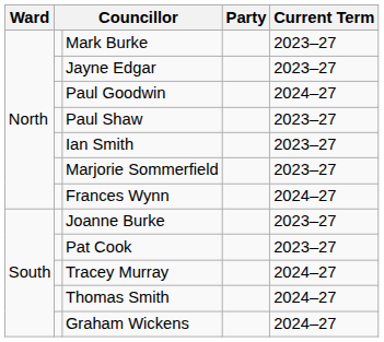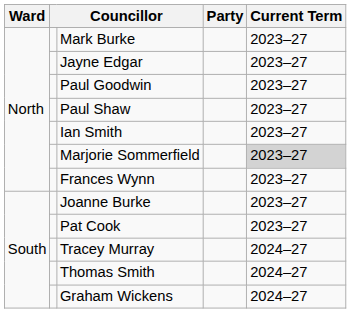 <table class="wikitable">
 <tr>
 <th>Ward</th>
 <th colspan="2">Councillor</th>
 <th>Party</th>
 <th>Current Term</th>
 </tr>
 <tr>
 <td rowspan=7>North</td>
 <td style="background-color: "></td>
 <td>Mark Burke</td>
 <td><a href='#'></a></td>
 <td>2023–27</td>
 </tr>
 <tr>
 <td style="background-color: "></td>
 <td>Jayne Edgar</td>
 <td><a href='#'></a></td>
 <td>2023–27</td>
 </tr>
 <tr>
 <td style="background-color: "></td>
 <td>Paul Goodwin</td>
 <td><a href='#'></a></td>
-<td>2024–27</td>
+<td>2023–27</td>
 </tr>
 <tr>
 <td style="background-color: "></td>
 <td>Paul Shaw</td>
 <td><a href='#'></a></td>
 <td>2023–27</td>
 </tr>
 <tr>
 <td style="background-color: "></td>
 <td>Ian Smith</td>
 <td><a href='#'></a></td>
 <td>2023–27</td>
 </tr>
 <tr>
 <td style="background-color: "></td>
 <td>Marjorie Sommerfield</td>
 <td><a href='#'></a></td>
-<td>2023–27</td>
+<td style="background: lightgrey;">2023–27</td>
 </tr>
 <tr>
 <td style="background-color: "></td>
 <td>Frances Wynn</td>
 <td><a href='#'></a></td>
-<td>2024–27</td>
+<td>2023–27</td>
 </tr>
 <tr>
 <td rowspan=5>South</td>
 <td style="background-color: "></td>
 <td>Joanne Burke</td>
 <td><a href='#'></a></td>
 <td>2023–27</td>
 </tr>
 <tr>
 <td style="background-color: "></td>
 <td>Pat Cook</td>
 <td><a href='#'></a></td>
 <td>2023–27</td>
 </tr>
 <tr>
 <td style="background-color: "></td>
 <td>Tracey Murray</td>
 <td><a href='#'></a></td>
 <td>2024–27</td>
 </tr>
 <tr>
 <td style="background-color: "></td>
 <td>Thomas Smith</td>
 <td><a href='#'></a></td>
 <td>2024–27</td>
 </tr>
 <tr>
 <td style="background-color: "></td>
 <td>Graham Wickens</td>
 <td><a href='#'></a></td>
 <td>2024–27</td>
 </tr>
 </table>
